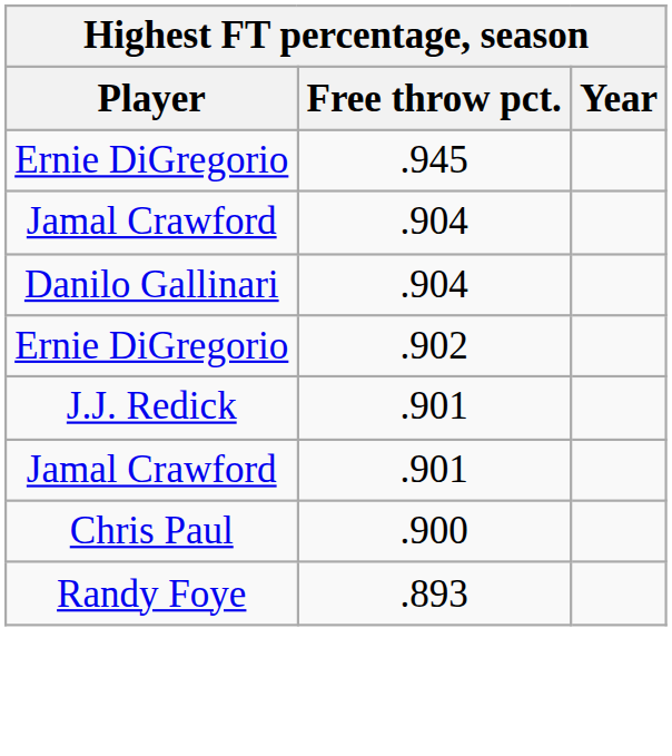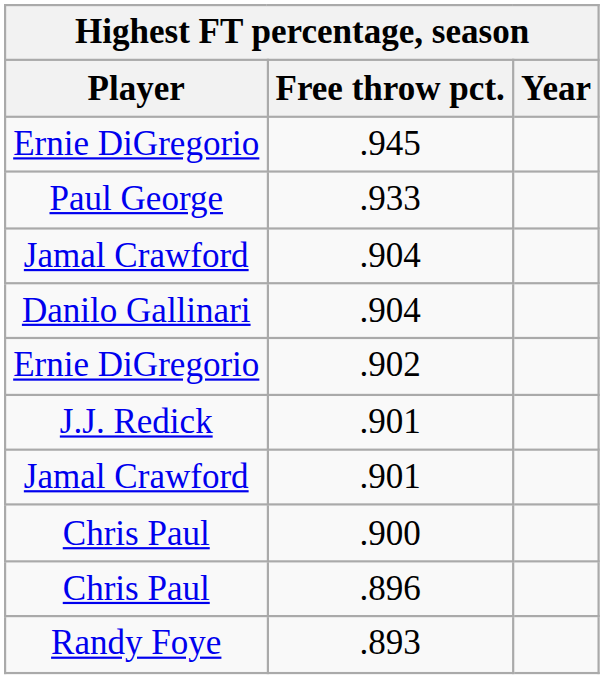 <table class="wikitable sortable" style="text-align:center">
 <tr>
 <th colspan="3">Highest FT percentage, season</th>
 </tr>
 <tr>
 <th>Player</th>
 <th>Free throw pct.</th>
 <th>Year</th>
 </tr>
 <tr>
 <td><a href='#'>Ernie DiGregorio</a></td>
 <td>.945</td>
+<td></td>
+</tr>
+<tr>
+<td><a href='#'>Paul George</a></td>
+<td>.933</td>
 <td></td>
 </tr>
 <tr>
 <td><a href='#'>Jamal Crawford</a></td>
 <td>.904</td>
 <td></td>
 </tr>
 <tr>
 <td><a href='#'>Danilo Gallinari</a></td>
 <td>.904</td>
 <td></td>
 </tr>
 <tr>
 <td><a href='#'>Ernie DiGregorio</a></td>
 <td>.902</td>
 <td></td>
 </tr>
 <tr>
 <td><a href='#'>J.J. Redick</a></td>
 <td>.901</td>
 <td></td>
 </tr>
 <tr>
 <td><a href='#'>Jamal Crawford</a></td>
 <td>.901</td>
 <td></td>
 </tr>
 <tr>
 <td><a href='#'>Chris Paul</a></td>
 <td>.900</td>
 <td></td>
 </tr>
 <tr>
+<td><a href='#'>Chris Paul</a></td>
+<td>.896</td>
+<td></td>
+</tr>
+<tr>
 <td><a href='#'>Randy Foye</a></td>
 <td>.893</td>
 <td></td>
 </tr>
 </table>
